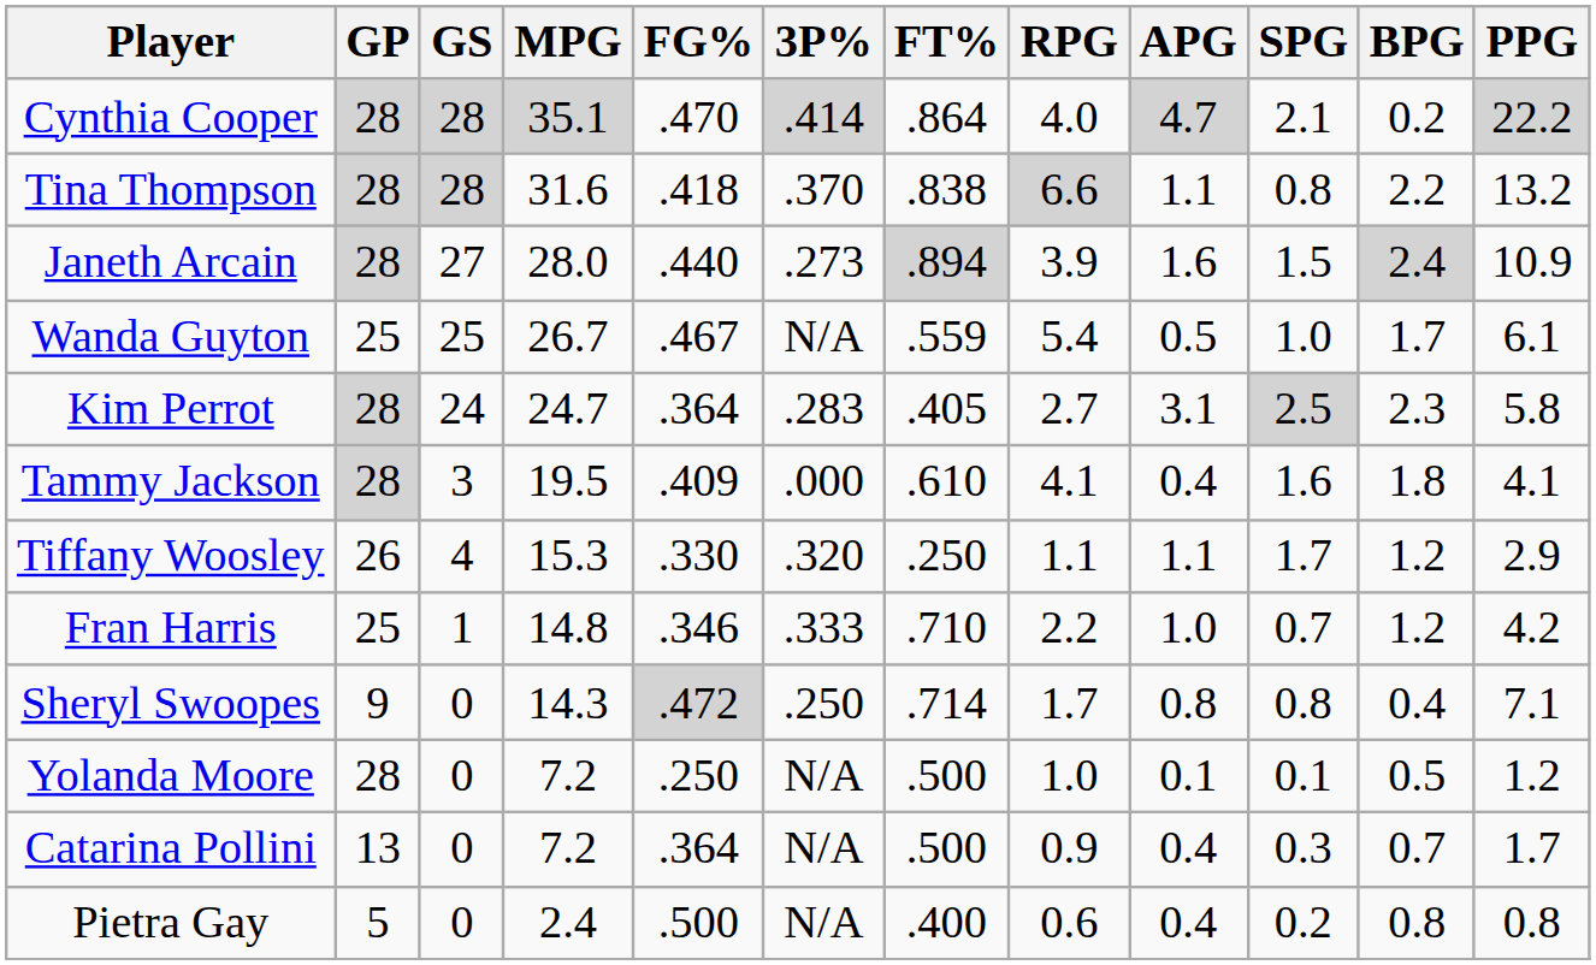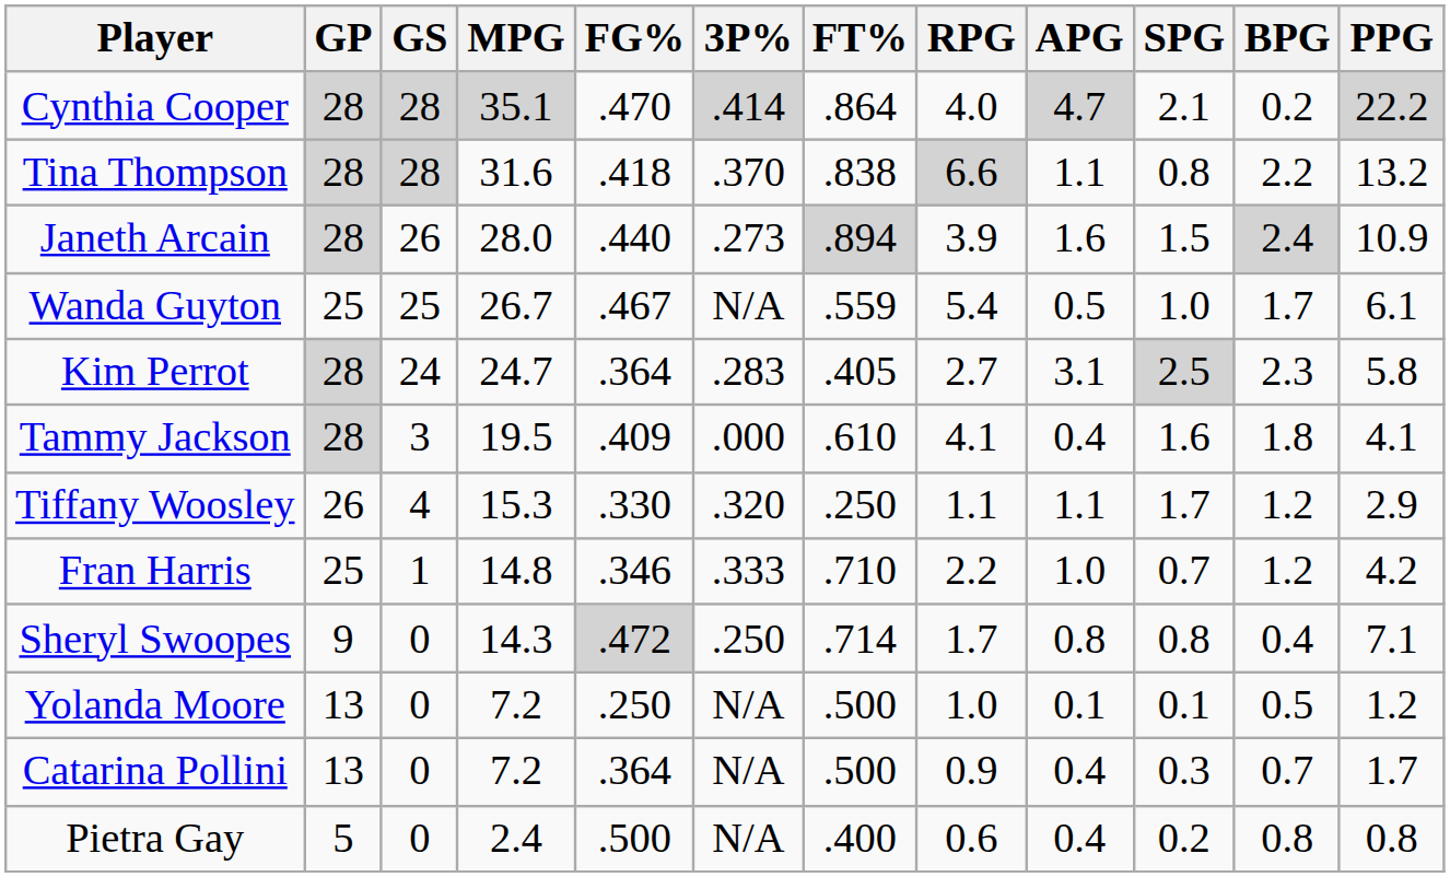 <table class="wikitable sortable" style="text-align:center;">
 <tr>
 <th>Player</th>
 <th>GP</th>
 <th>GS</th>
 <th>MPG</th>
 <th>FG%</th>
 <th>3P%</th>
 <th>FT%</th>
 <th>RPG</th>
 <th>APG</th>
 <th>SPG</th>
 <th>BPG</th>
 <th>PPG</th>
 </tr>
 <tr>
 <td><a href='#'>Cynthia Cooper</a></td>
 <td style="background:#D3D3D3;">28</td>
 <td style="background:#D3D3D3;">28</td>
 <td style="background:#D3D3D3;">35.1</td>
 <td>.470</td>
 <td style="background:#D3D3D3;">.414</td>
 <td>.864</td>
 <td>4.0</td>
 <td style="background:#D3D3D3;">4.7</td>
 <td>2.1</td>
 <td>0.2</td>
 <td style="background:#D3D3D3;">22.2</td>
 </tr>
 <tr>
 <td><a href='#'>Tina Thompson</a></td>
 <td style="background:#D3D3D3;">28</td>
 <td style="background:#D3D3D3;">28</td>
 <td>31.6</td>
 <td>.418</td>
 <td>.370</td>
 <td>.838</td>
 <td style="background:#D3D3D3;">6.6</td>
 <td>1.1</td>
 <td>0.8</td>
 <td>2.2</td>
 <td>13.2</td>
 </tr>
 <tr>
 <td><a href='#'>Janeth Arcain</a></td>
 <td style="background:#D3D3D3;">28</td>
-<td>27</td>
+<td>26</td>
 <td>28.0</td>
 <td>.440</td>
 <td>.273</td>
 <td style="background:#D3D3D3;">.894</td>
 <td>3.9</td>
 <td>1.6</td>
 <td>1.5</td>
 <td style="background:#D3D3D3;">2.4</td>
 <td>10.9</td>
 </tr>
 <tr>
 <td><a href='#'>Wanda Guyton</a></td>
 <td>25</td>
 <td>25</td>
 <td>26.7</td>
 <td>.467</td>
 <td>N/A</td>
 <td>.559</td>
 <td>5.4</td>
 <td>0.5</td>
 <td>1.0</td>
 <td>1.7</td>
 <td>6.1</td>
 </tr>
 <tr>
 <td><a href='#'>Kim Perrot</a></td>
 <td style="background:#D3D3D3;">28</td>
 <td>24</td>
 <td>24.7</td>
 <td>.364</td>
 <td>.283</td>
 <td>.405</td>
 <td>2.7</td>
 <td>3.1</td>
 <td style="background:#D3D3D3;">2.5</td>
 <td>2.3</td>
 <td>5.8</td>
 </tr>
 <tr>
 <td><a href='#'>Tammy Jackson</a></td>
 <td style="background:#D3D3D3;">28</td>
 <td>3</td>
 <td>19.5</td>
 <td>.409</td>
 <td>.000</td>
 <td>.610</td>
 <td>4.1</td>
 <td>0.4</td>
 <td>1.6</td>
 <td>1.8</td>
 <td>4.1</td>
 </tr>
 <tr>
 <td><a href='#'>Tiffany Woosley</a></td>
 <td>26</td>
 <td>4</td>
 <td>15.3</td>
 <td>.330</td>
 <td>.320</td>
 <td>.250</td>
 <td>1.1</td>
 <td>1.1</td>
 <td>1.7</td>
 <td>1.2</td>
 <td>2.9</td>
 </tr>
 <tr>
 <td><a href='#'>Fran Harris</a></td>
 <td>25</td>
 <td>1</td>
 <td>14.8</td>
 <td>.346</td>
 <td>.333</td>
 <td>.710</td>
 <td>2.2</td>
 <td>1.0</td>
 <td>0.7</td>
 <td>1.2</td>
 <td>4.2</td>
 </tr>
 <tr>
 <td><a href='#'>Sheryl Swoopes</a></td>
 <td>9</td>
 <td>0</td>
 <td>14.3</td>
 <td style="background:#D3D3D3;">.472</td>
 <td>.250</td>
 <td>.714</td>
 <td>1.7</td>
 <td>0.8</td>
 <td>0.8</td>
 <td>0.4</td>
 <td>7.1</td>
 </tr>
 <tr>
 <td><a href='#'>Yolanda Moore</a></td>
-<td>28</td>
+<td>13</td>
 <td>0</td>
 <td>7.2</td>
 <td>.250</td>
 <td>N/A</td>
 <td>.500</td>
 <td>1.0</td>
 <td>0.1</td>
 <td>0.1</td>
 <td>0.5</td>
 <td>1.2</td>
 </tr>
 <tr>
 <td><a href='#'>Catarina Pollini</a></td>
 <td>13</td>
 <td>0</td>
 <td>7.2</td>
 <td>.364</td>
 <td>N/A</td>
 <td>.500</td>
 <td>0.9</td>
 <td>0.4</td>
 <td>0.3</td>
 <td>0.7</td>
 <td>1.7</td>
 </tr>
 <tr>
 <td>Pietra Gay</td>
 <td>5</td>
 <td>0</td>
 <td>2.4</td>
 <td>.500</td>
 <td>N/A</td>
 <td>.400</td>
 <td>0.6</td>
 <td>0.4</td>
 <td>0.2</td>
 <td>0.8</td>
 <td>0.8</td>
 </tr>
 <tr>
 </tr>
 </table>
